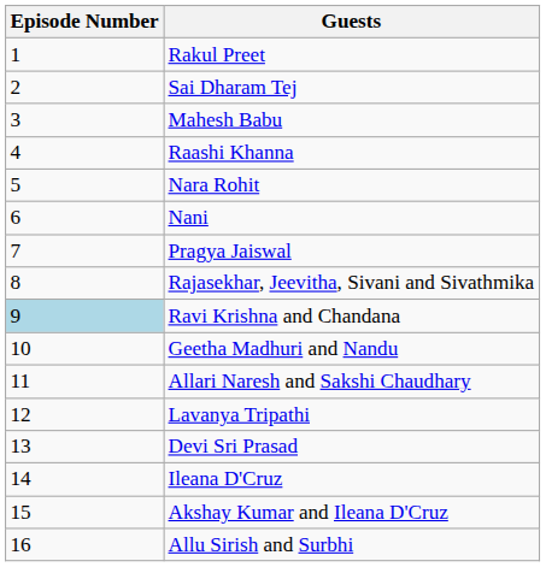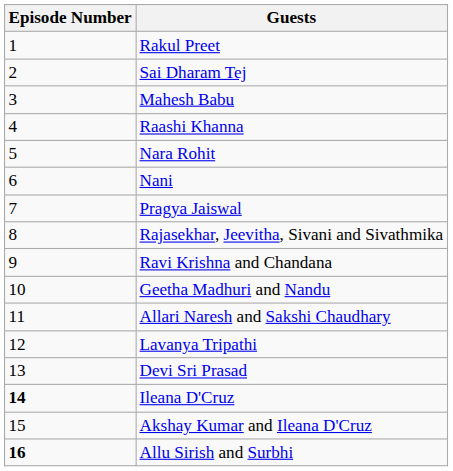 <table class="wikitable">
 <tr>
 <th>Episode Number</th>
 <th>Guests</th>
 </tr>
 <tr>
 <td>1</td>
 <td><a href='#'>Rakul Preet</a></td>
 </tr>
 <tr>
 <td>2</td>
 <td><a href='#'>Sai Dharam Tej</a></td>
 </tr>
 <tr>
 <td>3</td>
 <td><a href='#'>Mahesh Babu</a></td>
 </tr>
 <tr>
 <td>4</td>
 <td><a href='#'>Raashi Khanna</a></td>
 </tr>
 <tr>
 <td>5</td>
 <td><a href='#'>Nara Rohit</a></td>
 </tr>
 <tr>
 <td>6</td>
 <td><a href='#'>Nani</a></td>
 </tr>
 <tr>
 <td>7</td>
 <td><a href='#'>Pragya Jaiswal</a></td>
 </tr>
 <tr>
 <td>8</td>
 <td><a href='#'>Rajasekhar</a>, <a href='#'>Jeevitha</a>, Sivani and Sivathmika</td>
 </tr>
 <tr>
-<td style="background: lightblue;">9</td>
+<td>9</td>
 <td><a href='#'>Ravi Krishna</a> and Chandana</td>
 </tr>
 <tr>
 <td>10</td>
 <td><a href='#'>Geetha Madhuri</a> and <a href='#'>Nandu</a></td>
 </tr>
 <tr>
 <td>11</td>
 <td><a href='#'>Allari Naresh</a> and <a href='#'>Sakshi Chaudhary</a></td>
 </tr>
 <tr>
 <td>12</td>
 <td><a href='#'>Lavanya Tripathi</a></td>
 </tr>
 <tr>
 <td>13</td>
 <td><a href='#'>Devi Sri Prasad</a></td>
 </tr>
 <tr>
-<td>14</td>
+<td><strong>14</strong></td>
 <td><a href='#'>Ileana D'Cruz</a></td>
 </tr>
 <tr>
 <td>15</td>
 <td><a href='#'>Akshay Kumar</a> and <a href='#'>Ileana D'Cruz</a></td>
 </tr>
 <tr>
-<td>16</td>
+<td><strong>16</strong></td>
 <td><a href='#'>Allu Sirish</a> and <a href='#'>Surbhi</a></td>
 </tr>
 </table>
